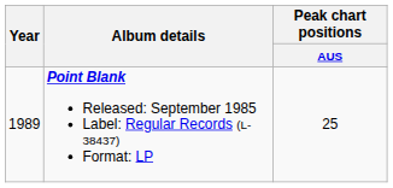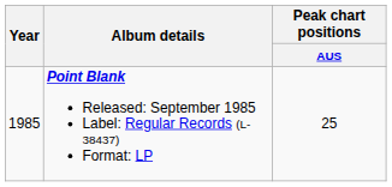 <table class="wikitable" border="1">
 <tr>
 <th rowspan="2" width="35px">Year</th>
 <th rowspan="2" width="250px">Album details</th>
 <th colspan="1" width="120px">Peak chart positions</th>
 </tr>
 <tr>
 <th width="30px"><small><a href='#'>AUS</a><br></small></th>
 </tr>
 <tr>
-<td>1989</td>
+<td>1985</td>
 <td><strong><em><a href='#'>Point Blank</a></em></strong><br><ul><li>Released: September 1985</li><li>Label:  <a href='#'>Regular Records</a> <small>(L-38437)</small></li><li>Format: <a href='#'>LP</a></li></ul></td>
 <td style="text-align:center;">25</td>
 </tr>
 </table>
